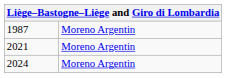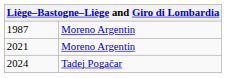 <table class="wikitable">
 <tr>
 <th colspan=2><a href='#'>Liège–Bastogne–Liège</a> and <a href='#'>Giro di Lombardia</a></th>
 </tr>
 <tr>
 <td>1987</td>
 <td> <a href='#'>Moreno Argentin</a></td>
 </tr>
 <tr>
 <td>2021</td>
 <td> <a href='#'>Moreno Argentin</a></td>
 </tr>
 <tr>
 <td>2024</td>
-<td> <a href='#'>Moreno Argentin</a></td>
+<td> <a href='#'>Tadej Pogačar</a></td>
 </tr>
 </table>
